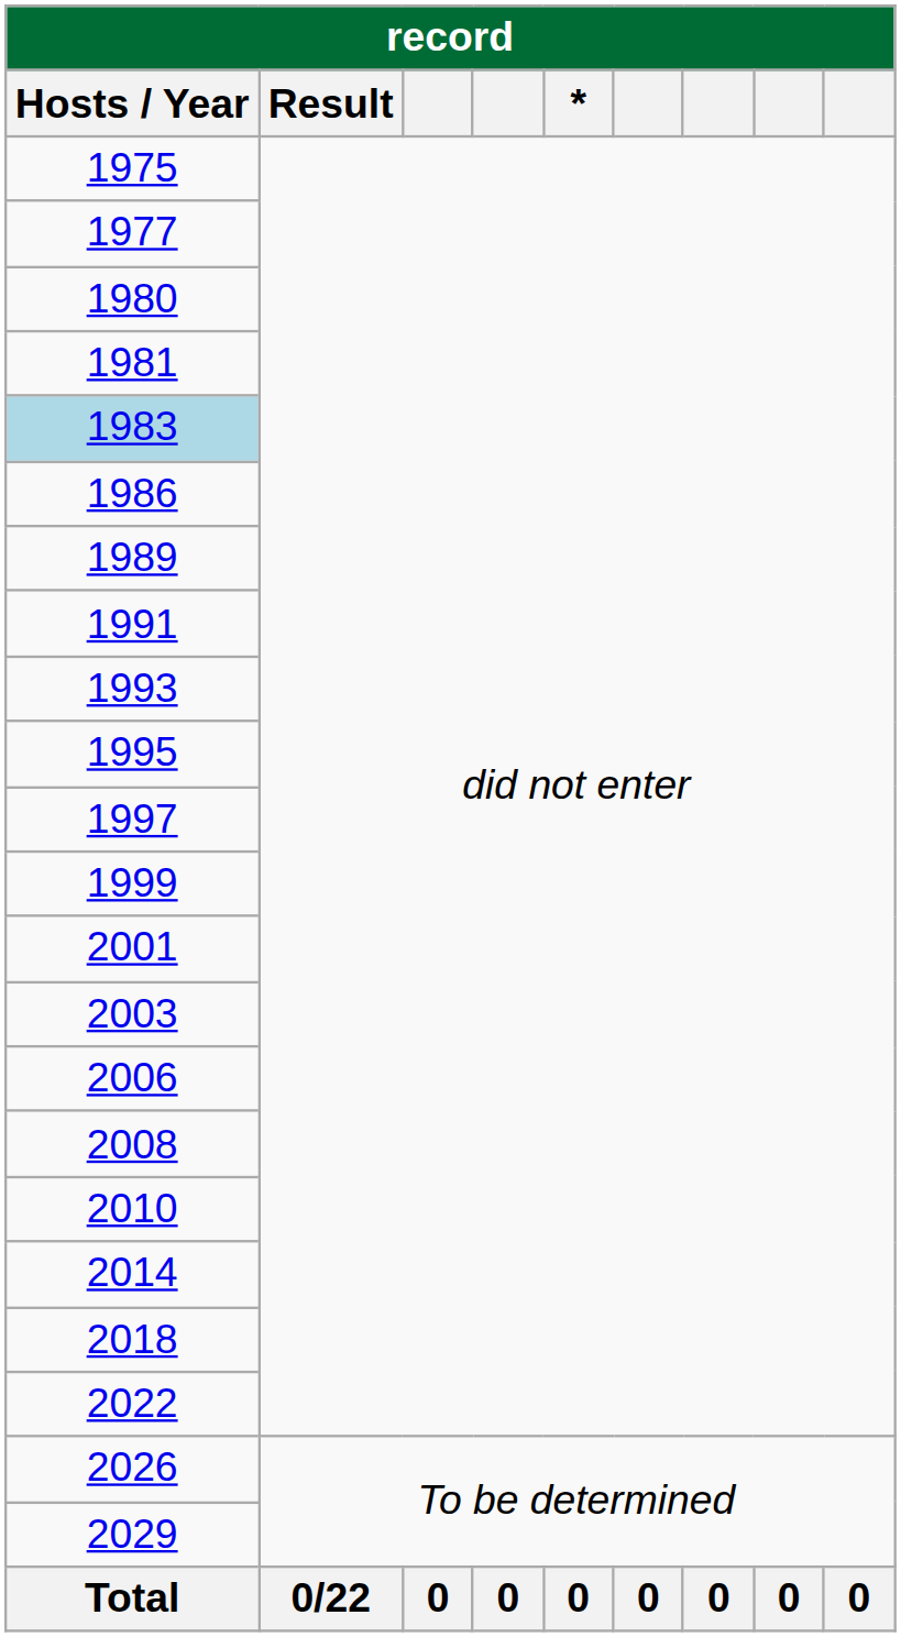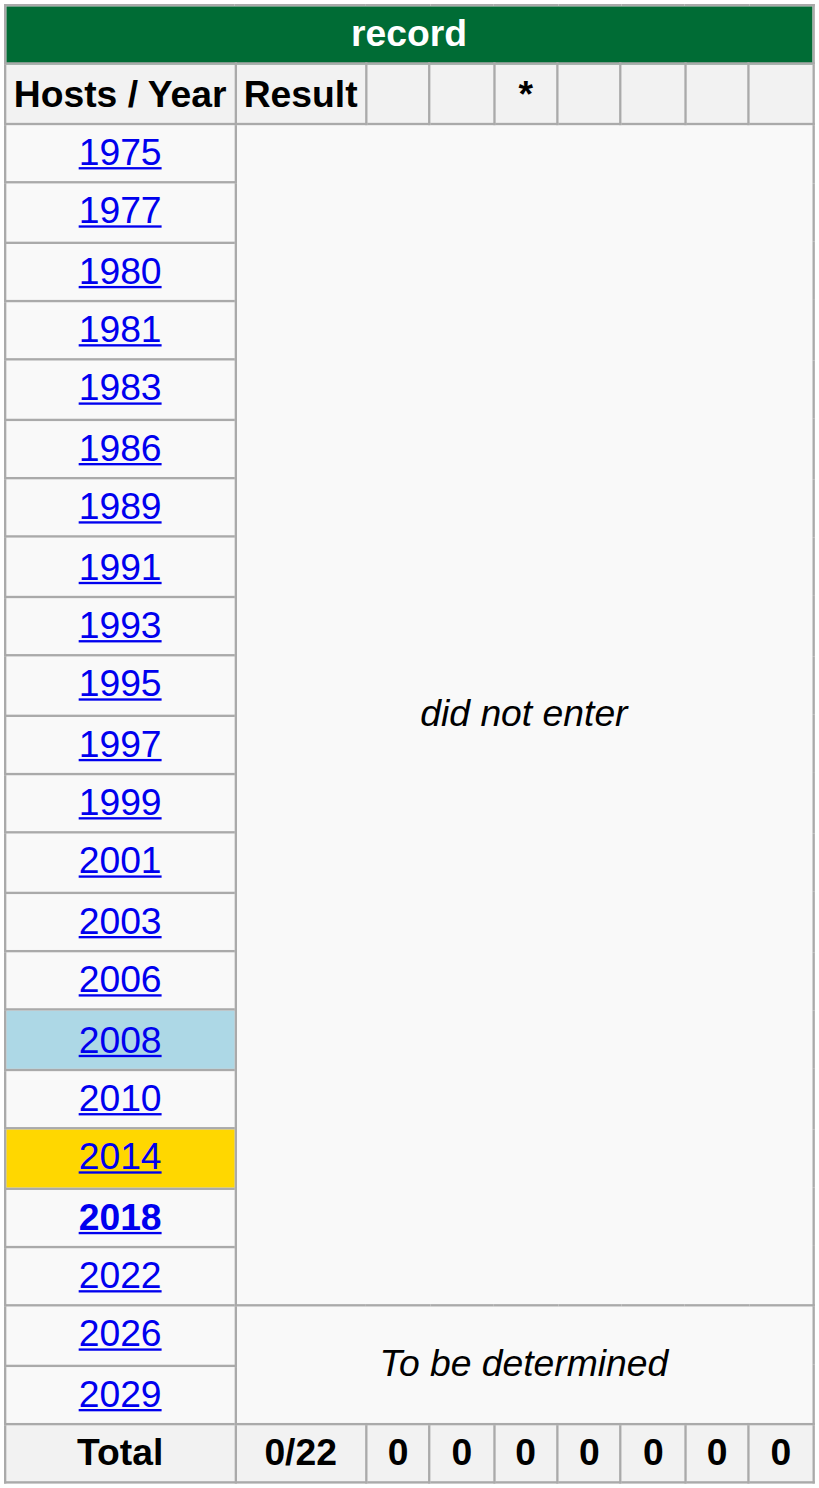 <table class="wikitable mw-collapsible" style="text-align: center;font-size:100%;">
 <tr>
 <th colspan="9" style="background: #006C35; color: white;"><a href='#'></a> record</th>
 </tr>
 <tr>
 <th>Hosts / Year</th>
 <th>Result</th>
 <th width="20"></th>
 <th width="20"></th>
 <th width="20">*</th>
 <th width="20"></th>
 <th width="20"></th>
 <th width="20"></th>
 <th width="20"></th>
 </tr>
 <tr>
 <td> <a href='#'>1975</a></td>
 <td colspan="8" rowspan="20"><em>did not enter</em></td>
 </tr>
 <tr>
 <td> <a href='#'>1977</a></td>
 </tr>
 <tr>
 <td> <a href='#'>1980</a></td>
 </tr>
 <tr>
 <td> <a href='#'>1981</a></td>
 </tr>
 <tr>
-<td style="background: lightblue;"> <a href='#'>1983</a></td>
+<td> <a href='#'>1983</a></td>
 </tr>
 <tr>
 <td> <a href='#'>1986</a></td>
 </tr>
 <tr>
 <td> <a href='#'>1989</a></td>
 </tr>
 <tr>
 <td> <a href='#'>1991</a></td>
 </tr>
 <tr>
 <td> <a href='#'>1993</a></td>
 </tr>
 <tr>
 <td> <a href='#'>1995</a></td>
 </tr>
 <tr>
 <td> <a href='#'>1997</a></td>
 </tr>
 <tr>
 <td> <a href='#'>1999</a></td>
 </tr>
 <tr>
 <td> <a href='#'>2001</a></td>
 </tr>
 <tr>
 <td> <a href='#'>2003</a></td>
 </tr>
 <tr>
 <td> <a href='#'>2006</a></td>
 </tr>
 <tr>
-<td> <a href='#'>2008</a></td>
+<td style="background: lightblue;"> <a href='#'>2008</a></td>
 </tr>
 <tr>
 <td> <a href='#'>2010</a></td>
 </tr>
 <tr>
-<td> <a href='#'>2014</a></td>
+<td style="background: gold;"> <a href='#'>2014</a></td>
 </tr>
 <tr>
-<td> <a href='#'>2018</a></td>
+<td><strong> <a href='#'>2018</a></strong></td>
 </tr>
 <tr>
 <td> <a href='#'>2022</a></td>
 </tr>
 <tr>
 <td> <a href='#'>2026</a></td>
 <td colspan="8" rowspan="2"><em>To be determined</em></td>
 </tr>
 <tr>
 <td> <a href='#'>2029</a></td>
 </tr>
 <tr>
 <th>Total</th>
 <th>0/22</th>
 <th>0</th>
 <th>0</th>
 <th>0</th>
 <th>0</th>
 <th>0</th>
 <th>0</th>
 <th>0</th>
 </tr>
 </table>
